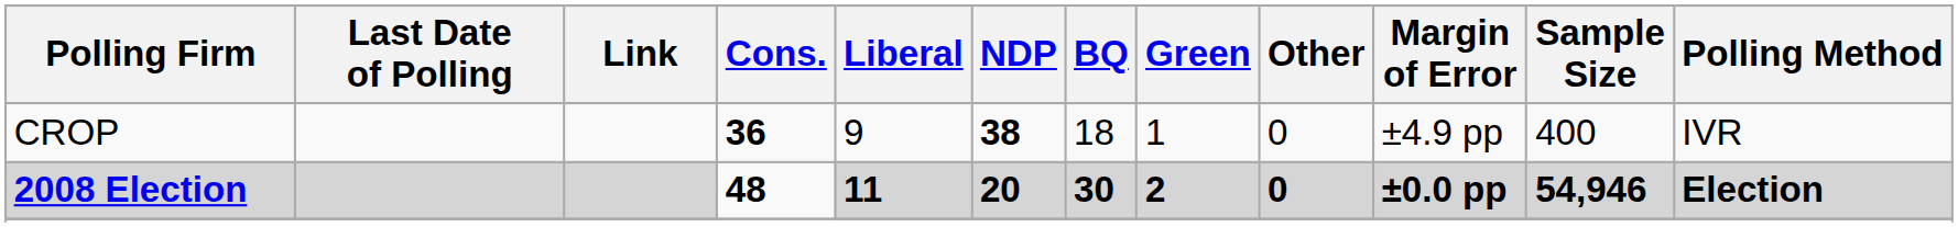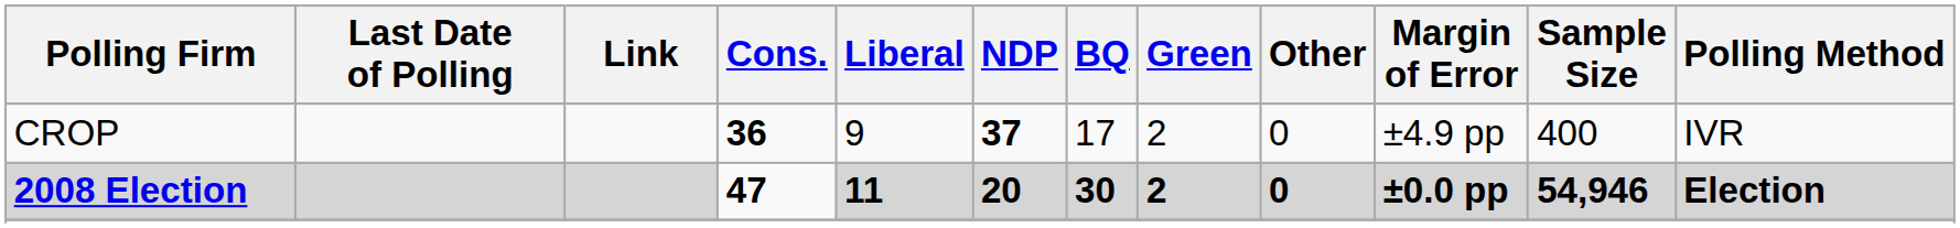 <table class="wikitable sortable">
 <tr style="background:#e9e9e9;">
 <th style="width:120px">Polling Firm</th>
 <th style="width:110px">Last Date<br>of Polling</th>
 <th style="width:60px" class="unsortable">Link</th>
 <th style="background-color:"><strong><a href='#'>Cons.</a></strong></th>
 <th style="background-color:"><strong><a href='#'>Liberal</a></strong></th>
 <th style="background-color:"><strong><a href='#'>NDP</a></strong></th>
 <th style="background-color:"><strong><a href='#'>BQ</a></strong></th>
 <th style="background-color:"><strong><a href='#'>Green</a></strong></th>
 <th style="background-color:"><strong>Other</strong></th>
 <th style="width:60px;" class=unsortable>Margin<br>of Error</th>
 <th style="width:50px;" class=unsortable>Sample<br>Size</th>
 <th class=unsortable>Polling Method</th>
 </tr>
 <tr>
 <td>CROP</td>
 <td></td>
 <td></td>
 <td><strong>36</strong></td>
 <td>9</td>
-<td><strong>38</strong></td>
-<td>18</td>
-<td>1</td>
+<td><strong>37</strong></td>
+<td>17</td>
+<td>2</td>
 <td>0</td>
 <td>±4.9 pp</td>
 <td>400</td>
 <td>IVR</td>
 </tr>
 <tr>
 <td style="background:#D5D5D5"><strong><a href='#'>2008 Election</a></strong></td>
 <td style="background:#D5D5D5"><strong></strong></td>
 <td style="background:#D5D5D5"></td>
-<td><strong>48</strong></td>
+<td><strong>47</strong></td>
 <td style="background:#D5D5D5"><strong>11</strong></td>
 <td style="background:#D5D5D5"><strong>20</strong></td>
 <td style="background:#D5D5D5"><strong>30</strong></td>
 <td style="background:#D5D5D5"><strong>2</strong></td>
 <td style="background:#D5D5D5"><strong>0</strong></td>
 <td style="background:#D5D5D5"><strong>±0.0 pp</strong></td>
 <td style="background:#D5D5D5"><strong>54,946</strong></td>
 <td style="background:#D5D5D5"><strong>Election</strong></td>
 </tr>
 <tr>
 </tr>
 <tr>
 </tr>
 </table>
